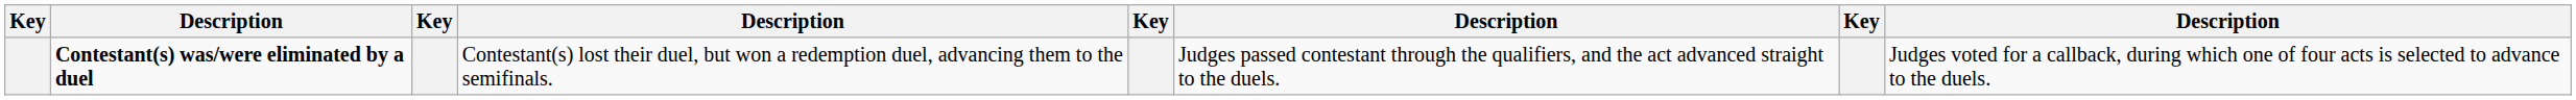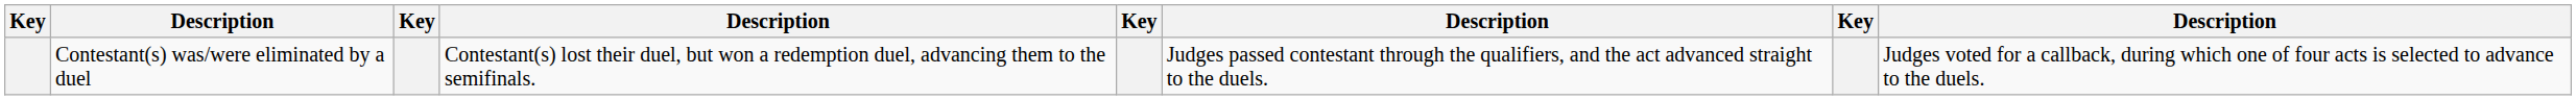 <table class="wikitable">
 <tr>
 <th scope="col">Key</th>
 <th scope="col">Description</th>
 <th scope="col">Key</th>
 <th scope="col">Description</th>
 <th scope="col">Key</th>
 <th scope="col">Description</th>
 <th scope="col">Key</th>
 <th scope="col">Description</th>
 </tr>
 <tr>
 <th scope="row" style="text-align:center; height:20px; width:20px"></th>
-<td><strong>Contestant(s) was/were eliminated by a duel</strong></td>
+<td>Contestant(s) was/were eliminated by a duel</td>
 <th scope="row" style="text-align:center; height:20px; width:20px"></th>
 <td>Contestant(s) lost their duel, but won a redemption duel, advancing them to the semifinals.</td>
 <th></th>
 <td>Judges passed contestant through the qualifiers, and the act advanced straight to the duels.</td>
 <th></th>
 <td>Judges voted for a callback, during which one of four acts is selected to advance to the duels.</td>
 </tr>
 </table>
